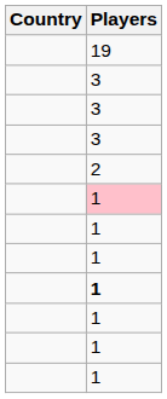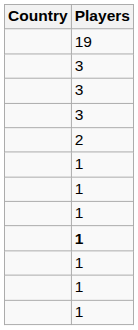 <table class="wikitable sortable">
 <tr>
 <th>Country</th>
 <th>Players</th>
 </tr>
 <tr>
 <td></td>
 <td>19</td>
 </tr>
 <tr>
 <td></td>
 <td>3</td>
 </tr>
 <tr>
 <td></td>
 <td>3</td>
 </tr>
 <tr>
 <td></td>
 <td>3</td>
 </tr>
 <tr>
 <td></td>
 <td>2</td>
 </tr>
 <tr>
 <td></td>
-<td style="background: pink;">1</td>
+<td>1</td>
 </tr>
 <tr>
 <td></td>
 <td>1</td>
 </tr>
 <tr>
 <td></td>
 <td>1</td>
 </tr>
 <tr>
 <td></td>
 <td><strong>1</strong></td>
 </tr>
 <tr>
 <td></td>
 <td>1</td>
 </tr>
 <tr>
 <td></td>
 <td>1</td>
 </tr>
 <tr>
 <td></td>
 <td>1</td>
 </tr>
 </table>
